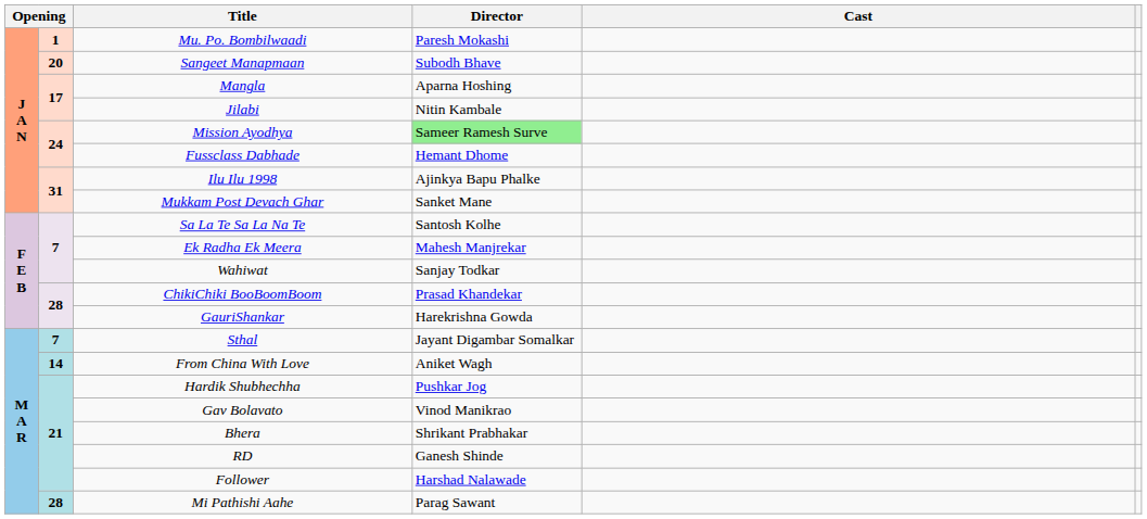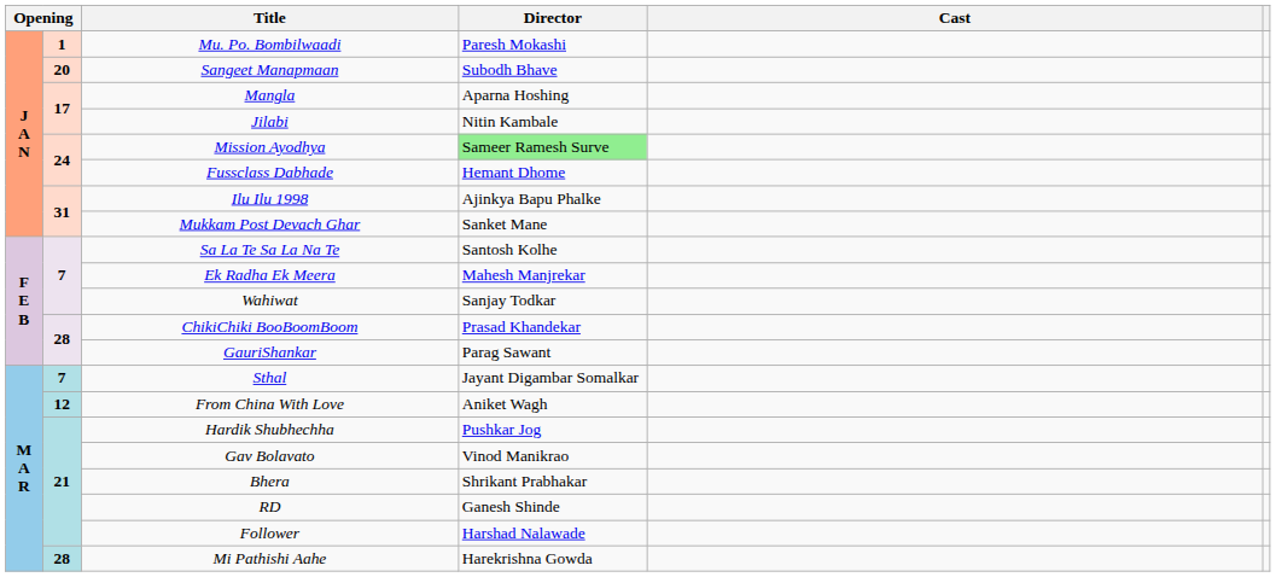 <table class="wikitable sortable">
 <tr>
 <th colspan="2" style="width:6%;"><strong>Opening</strong></th>
 <th style="width:30%;"><strong>Title</strong></th>
 <th style="width:15%;"><strong>Director</strong></th>
 <th style="width:60%;"><strong>Cast</strong></th>
 <th class="unsortable" style="width:1%;"></th>
 </tr>
 <tr>
 <td rowspan="8" style="text-align:center;background:#ffa07a;textcolor:#000;"><strong>J<br>A<br>N</strong></td>
 <td style="text-align:center;background:#ffdacc;"><strong>1</strong></td>
 <td style="text-align:center;"><em><a href='#'>Mu. Po. Bombilwaadi</a></em></td>
 <td><a href='#'>Paresh Mokashi</a></td>
 <td></td>
 <td style="text-align:center;"></td>
 </tr>
 <tr>
 <td style="text-align:center;background:#ffdacc;"><strong>20</strong></td>
 <td style="text-align:center;"><em><a href='#'>Sangeet Manapmaan</a></em></td>
 <td><a href='#'>Subodh Bhave</a></td>
 <td></td>
 <td style="text-align:center;"></td>
 </tr>
 <tr>
 <td rowspan="2" style="text-align:center;background:#ffdacc;"><strong>17</strong></td>
 <td style="text-align:center;"><a href='#'><em>Mangla</em></a></td>
 <td>Aparna Hoshing</td>
 <td></td>
 <td style="text-align:center;"></td>
 </tr>
 <tr>
 <td style="text-align:center;"><em><a href='#'>Jilabi</a></em></td>
 <td>Nitin Kambale</td>
 <td></td>
 <td style="text-align:center;"></td>
 </tr>
 <tr>
 <td rowspan="2" style="text-align:center;background:#ffdacc;"><strong>24</strong></td>
 <td style="text-align:center;"><em><a href='#'>Mission Ayodhya</a></em></td>
 <td style="background: lightgreen;">Sameer Ramesh Surve</td>
 <td></td>
 <td style="text-align:center;"></td>
 </tr>
 <tr>
 <td style="text-align:center;"><em><a href='#'>Fussclass Dabhade</a></em></td>
 <td><a href='#'>Hemant Dhome</a></td>
 <td></td>
 <td style="text-align:center;"></td>
 </tr>
 <tr>
 <td rowspan="2" style="text-align:center;background:#ffdacc;"><strong>31</strong></td>
 <td style="text-align:center;"><em><a href='#'>Ilu Ilu 1998</a></em></td>
 <td>Ajinkya Bapu Phalke</td>
 <td></td>
 <td style="text-align:center;"></td>
 </tr>
 <tr>
 <td style="text-align:center;"><em><a href='#'>Mukkam Post Devach Ghar</a></em></td>
 <td>Sanket Mane</td>
 <td></td>
 <td style="text-align:center;"></td>
 </tr>
 <tr>
 <td rowspan="5" style="text-align:center; background:#dcc7df; textcolor:#000;"><strong>F<br>E<br>B</strong></td>
 <td rowspan="3" style="text-align:center; background:#ede3ef;"><strong>7</strong></td>
 <td style="text-align:center;"><em><a href='#'>Sa La Te Sa La Na Te</a></em></td>
 <td>Santosh Kolhe</td>
 <td></td>
 <td style="text-align:center;"></td>
 </tr>
 <tr>
 <td style="text-align:center;"><em><a href='#'>Ek Radha Ek Meera</a></em></td>
 <td><a href='#'>Mahesh Manjrekar</a></td>
 <td></td>
 <td style="text-align:center;"></td>
 </tr>
 <tr>
 <td style="text-align:center;"><em>Wahiwat</em></td>
 <td>Sanjay Todkar</td>
 <td></td>
 <td style="text-align:center;"></td>
 </tr>
 <tr>
 <td rowspan="2" style="text-align:center; background:#ede3ef;"><strong>28</strong></td>
 <td style="text-align:center;"><a href='#'><em>ChikiChiki BooBoomBoom</em></a></td>
 <td><a href='#'>Prasad Khandekar</a></td>
 <td></td>
 <td style="text-align:center;"></td>
 </tr>
 <tr>
 <td style="text-align:center;"><a href='#'><em>GauriShankar</em></a></td>
-<td>Harekrishna Gowda</td>
+<td>Parag Sawant</td>
 <td></td>
 <td style="text-align:center;"></td>
 </tr>
 <tr>
 <td rowspan="8" style="text-align:center; background:#93CCEA; textcolor:#000;"><strong>M<br>A<br>R</strong></td>
 <td rowspan="1" style="text-align:center; background:#B0E0E6;"><strong>7</strong></td>
 <td style="text-align:center"><em><a href='#'>Sthal</a></em></td>
 <td>Jayant Digambar Somalkar</td>
 <td></td>
 <td style="text-align:center"></td>
 </tr>
 <tr>
-<td rowspan="1" style="text-align:center; background:#B0E0E6;"><strong>14</strong></td>
+<td rowspan="1" style="text-align:center; background:#B0E0E6;"><strong>12</strong></td>
 <td style="text-align:center"><em>From China With Love</em></td>
 <td>Aniket Wagh</td>
 <td></td>
 <td style="text-align:center"></td>
 </tr>
 <tr>
 <td rowspan="5" style="text-align:center; background:#B0E0E6;"><strong>21</strong></td>
 <td style="text-align:center"><em>Hardik Shubhechha</em></td>
 <td><a href='#'>Pushkar Jog</a></td>
 <td></td>
 <td style="text-align:center"></td>
 </tr>
 <tr>
 <td style="text-align:center"><em>Gav Bolavato</em></td>
 <td>Vinod Manikrao</td>
 <td></td>
 <td style="text-align:center"></td>
 </tr>
 <tr>
 <td style="text-align:center;"><em>Bhera</em></td>
 <td>Shrikant Prabhakar</td>
 <td></td>
 <td style="text-align:center;"></td>
 </tr>
 <tr>
 <td style="text-align:center"><em>RD</em></td>
 <td>Ganesh Shinde</td>
 <td></td>
 <td style="text-align:center"></td>
 </tr>
 <tr>
 <td style="text-align:center"><em>Follower</em></td>
 <td><a href='#'>Harshad Nalawade</a></td>
 <td></td>
 <td style="text-align:center"></td>
 </tr>
 <tr>
 <td rowspan="1" style="text-align:center; background:#B0E0E6;"><strong>28</strong></td>
 <td style="text-align:center"><em>Mi Pathishi Aahe</em></td>
-<td>Parag Sawant</td>
+<td>Harekrishna Gowda</td>
 <td></td>
 <td style="text-align:center"></td>
 </tr>
 </table>
